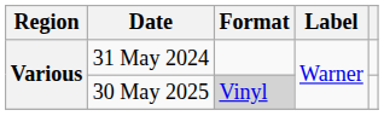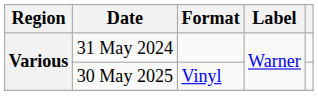 <table class="wikitable plainrowheaders">
 <tr>
 <th scope="col">Region</th>
 <th scope="col">Date</th>
 <th scope="col">Format</th>
 <th scope="col">Label</th>
 <th scope="col"></th>
 </tr>
 <tr>
 <th rowspan="2">Various</th>
 <td rowspan="1">31 May 2024</td>
 <td></td>
 <td rowspan="2"><a href='#'>Warner</a></td>
 <td style="text-align:center"></td>
 </tr>
 <tr>
 <td rowspan="1">30 May 2025</td>
-<td style="background: lightgrey;"><a href='#'>Vinyl</a></td>
+<td><a href='#'>Vinyl</a></td>
 <td style="text-align:center"></td>
 </tr>
 <tr>
 </tr>
 </table>
